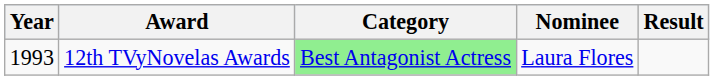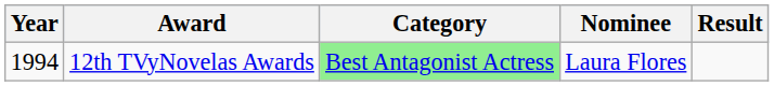 <table class="wikitable">
 <tr style="background:#b0c4de;">
 <th>Year</th>
 <th>Award</th>
 <th>Category</th>
 <th>Nominee</th>
 <th>Result</th>
 </tr>
 <tr>
-<td>1993</td>
+<td>1994</td>
 <td><a href='#'>12th TVyNovelas Awards</a></td>
 <td style="background: lightgreen;"><a href='#'>Best Antagonist Actress</a></td>
 <td><a href='#'>Laura Flores</a></td>
 <td></td>
 </tr>
 </table>
